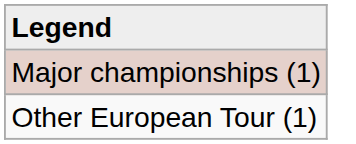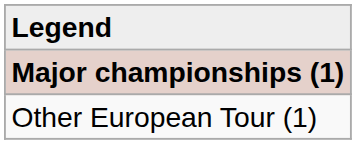 <table class="wikitable" style="font-size:95%;"|- style="background:#e5d1cb">
 <tr style="background:#eee;">
 <td><strong>Legend</strong></td>
 </tr>
 <tr style="background:#e5d1cb;">
-<td>Major championships (1)</td>
+<td><strong>Major championships (1)</strong></td>
 </tr>
 <tr>
 <td>Other European Tour (1)</td>
 </tr>
 </table>
